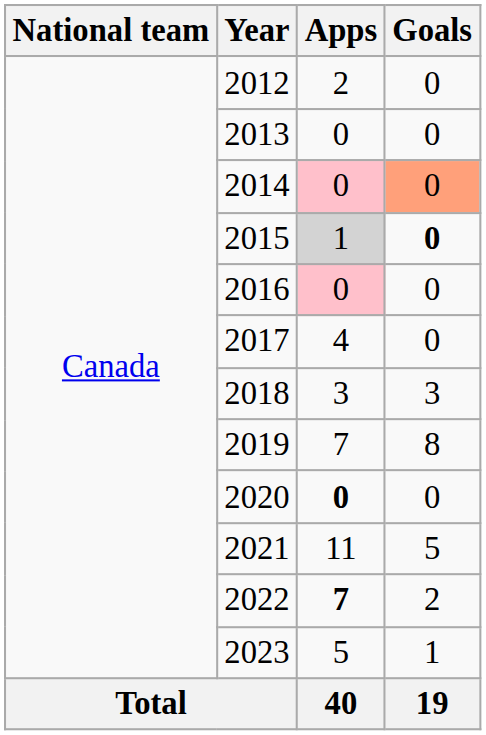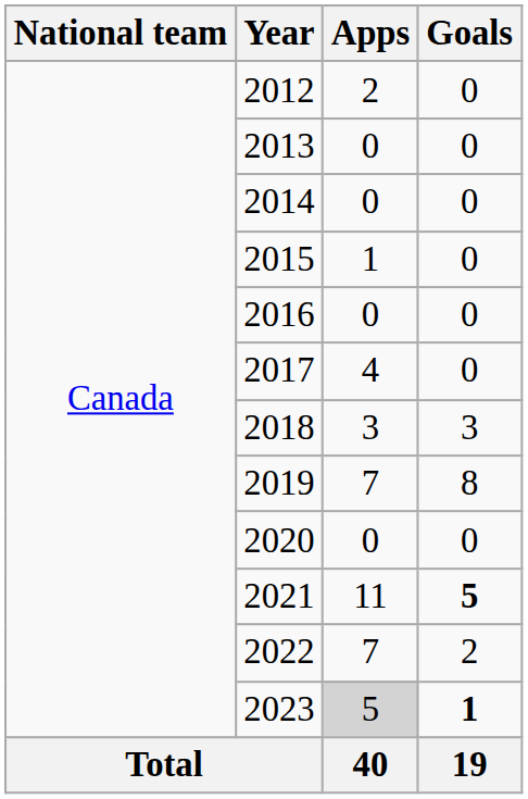 <table class="wikitable" style="text-align:center">
 <tr>
 <th>National team</th>
 <th>Year</th>
 <th>Apps</th>
 <th>Goals</th>
 </tr>
 <tr>
 <td rowspan="12"><a href='#'>Canada</a></td>
 <td>2012</td>
 <td>2</td>
 <td>0</td>
 </tr>
 <tr>
 <td>2013</td>
 <td>0</td>
 <td>0</td>
 </tr>
 <tr>
 <td>2014</td>
-<td style="background: pink;">0</td>
-<td style="background: lightsalmon;">0</td>
+<td>0</td>
+<td>0</td>
 </tr>
 <tr>
 <td>2015</td>
-<td style="background: lightgrey;">1</td>
-<td><strong>0</strong></td>
+<td>1</td>
+<td>0</td>
 </tr>
 <tr>
 <td>2016</td>
-<td style="background: pink;">0</td>
+<td>0</td>
 <td>0</td>
 </tr>
 <tr>
 <td>2017</td>
 <td>4</td>
 <td>0</td>
 </tr>
 <tr>
 <td>2018</td>
 <td>3</td>
 <td>3</td>
 </tr>
 <tr>
 <td>2019</td>
 <td>7</td>
 <td>8</td>
 </tr>
 <tr>
 <td>2020</td>
-<td><strong>0</strong></td>
+<td>0</td>
 <td>0</td>
 </tr>
 <tr>
 <td>2021</td>
 <td>11</td>
-<td>5</td>
+<td><strong>5</strong></td>
 </tr>
 <tr>
 <td>2022</td>
-<td><strong>7</strong></td>
+<td>7</td>
 <td>2</td>
 </tr>
 <tr>
 <td>2023</td>
-<td>5</td>
-<td>1</td>
+<td style="background: lightgrey;">5</td>
+<td><strong>1</strong></td>
 </tr>
 <tr>
 <th colspan="2">Total</th>
 <th>40</th>
 <th>19</th>
 </tr>
 </table>
